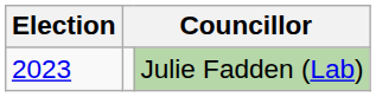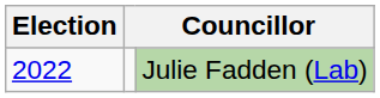 <table class="wikitable">
 <tr>
 <th>Election</th>
 <th colspan="2">Councillor</th>
 </tr>
 <tr>
-<td><a href='#'>2023</a></td>
+<td><a href='#'>2022</a></td>
 <td style="background-color: "></td>
 <td bgcolor="#B6D7A8">Julie Fadden (<a href='#'>Lab</a>)</td>
 </tr>
 </table>
